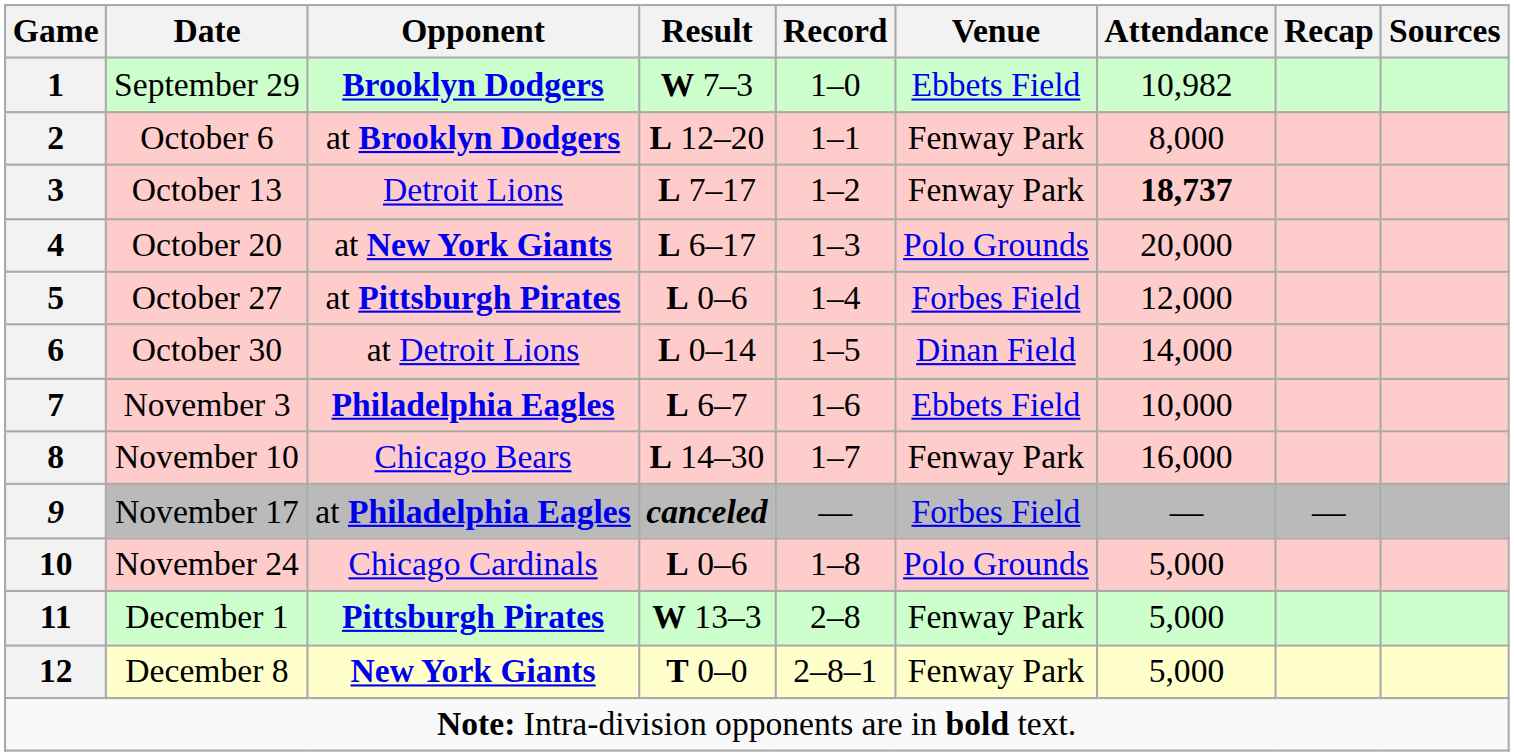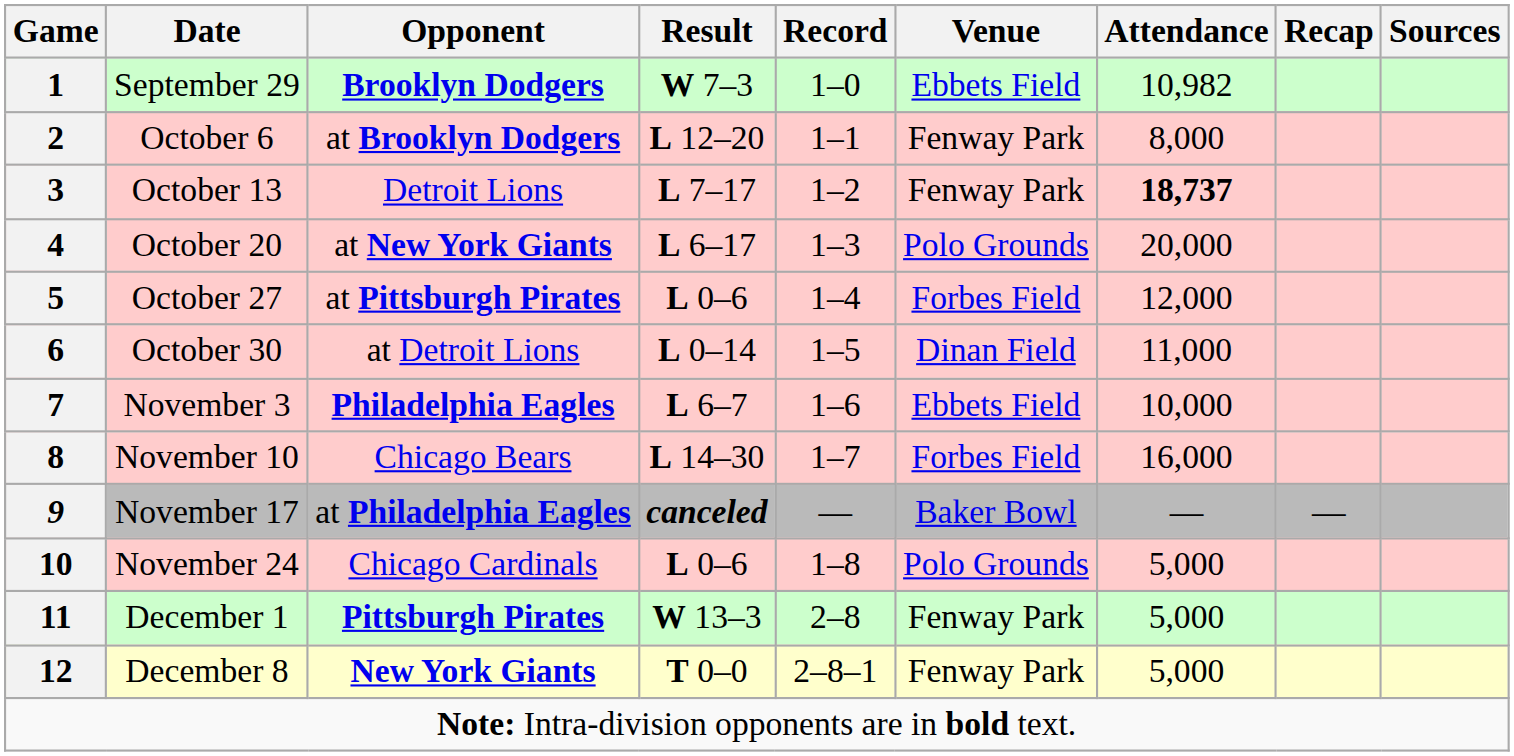 <table class="wikitable" style="text-align:center">
 <tr>
 <th>Game</th>
 <th>Date</th>
 <th>Opponent</th>
 <th>Result</th>
 <th>Record</th>
 <th>Venue</th>
 <th>Attendance</th>
 <th>Recap</th>
 <th>Sources</th>
 </tr>
 <tr style="background:#cfc">
 <th>1</th>
 <td>September 29</td>
 <td><strong><a href='#'>Brooklyn Dodgers</a></strong></td>
 <td><strong>W</strong> 7–3</td>
 <td>1–0</td>
 <td><a href='#'>Ebbets Field</a></td>
 <td>10,982</td>
 <td></td>
 <td></td>
 </tr>
 <tr style="background:#fcc">
 <th>2</th>
 <td>October 6</td>
 <td>at <strong><a href='#'>Brooklyn Dodgers</a></strong></td>
 <td><strong>L</strong> 12–20</td>
 <td>1–1</td>
 <td>Fenway Park</td>
 <td>8,000</td>
 <td></td>
 <td></td>
 </tr>
 <tr style="background:#fcc">
 <th>3</th>
 <td>October 13</td>
 <td><a href='#'>Detroit Lions</a></td>
 <td><strong>L</strong> 7–17</td>
 <td>1–2</td>
 <td>Fenway Park</td>
 <td><strong>18,737</strong></td>
 <td></td>
 <td></td>
 </tr>
 <tr style="background:#fcc">
 <th>4</th>
 <td>October 20</td>
 <td>at <strong><a href='#'>New York Giants</a></strong></td>
 <td><strong>L</strong> 6–17</td>
 <td>1–3</td>
 <td><a href='#'>Polo Grounds</a></td>
 <td>20,000</td>
 <td></td>
 <td></td>
 </tr>
 <tr style="background:#fcc">
 <th>5</th>
 <td>October 27</td>
 <td>at <strong><a href='#'>Pittsburgh Pirates</a></strong></td>
 <td><strong>L</strong> 0–6</td>
 <td>1–4</td>
 <td><a href='#'>Forbes Field</a></td>
 <td>12,000</td>
 <td></td>
 <td></td>
 </tr>
 <tr style="background:#fcc">
 <th>6</th>
 <td>October 30</td>
 <td>at <a href='#'>Detroit Lions</a></td>
 <td><strong>L</strong> 0–14</td>
 <td>1–5</td>
 <td><a href='#'>Dinan Field</a></td>
-<td>14,000</td>
+<td>11,000</td>
 <td></td>
 <td></td>
 </tr>
 <tr style="background:#fcc">
 <th>7</th>
 <td>November 3</td>
 <td><strong><a href='#'>Philadelphia Eagles</a></strong></td>
 <td><strong>L</strong> 6–7</td>
 <td>1–6</td>
 <td><a href='#'>Ebbets Field</a></td>
 <td>10,000</td>
 <td></td>
 <td></td>
 </tr>
 <tr style="background:#fcc">
 <th>8</th>
 <td>November 10</td>
 <td><a href='#'>Chicago Bears</a></td>
 <td><strong>L</strong> 14–30</td>
 <td>1–7</td>
-<td>Fenway Park</td>
+<td><a href='#'>Forbes Field</a></td>
 <td>16,000</td>
 <td></td>
 <td></td>
 </tr>
 <tr style="background:#bababa">
 <th><em>9</em></th>
 <td>November 17</td>
 <td>at <strong><a href='#'>Philadelphia Eagles</a></strong></td>
 <td><strong><em>canceled</em></strong></td>
 <td>—</td>
-<td><a href='#'>Forbes Field</a></td>
+<td><a href='#'>Baker Bowl</a></td>
 <td>—</td>
 <td>—</td>
 <td></td>
 </tr>
 <tr style="background:#fcc">
 <th>10</th>
 <td>November 24</td>
 <td><a href='#'>Chicago Cardinals</a></td>
 <td><strong>L</strong> 0–6</td>
 <td>1–8</td>
 <td><a href='#'>Polo Grounds</a></td>
 <td>5,000</td>
 <td></td>
 <td></td>
 </tr>
 <tr style="background:#cfc">
 <th>11</th>
 <td>December 1</td>
 <td><strong><a href='#'>Pittsburgh Pirates</a></strong></td>
 <td><strong>W</strong> 13–3</td>
 <td>2–8</td>
 <td>Fenway Park</td>
 <td>5,000</td>
 <td></td>
 <td></td>
 </tr>
 <tr style="background:#ffc">
 <th>12</th>
 <td>December 8</td>
 <td><strong><a href='#'>New York Giants</a></strong></td>
 <td><strong>T</strong> 0–0</td>
 <td>2–8–1</td>
 <td>Fenway Park</td>
 <td>5,000</td>
 <td></td>
 <td></td>
 </tr>
 <tr>
 <td colspan="10"><strong>Note:</strong> Intra-division opponents are in <strong>bold</strong> text.</td>
 </tr>
 </table>
